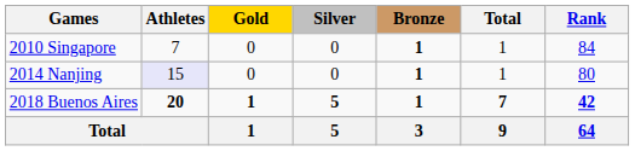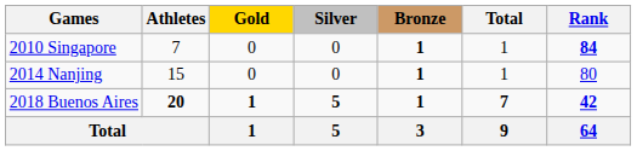 <table class="wikitable" style="text-align:center; font-size:90%;">
 <tr>
 <th>Games</th>
 <th>Athletes</th>
 <td style="background:gold; width:4.5em; font-weight:bold;">Gold</td>
 <td style="background:silver; width:4.5em; font-weight:bold;">Silver</td>
 <td style="background:#cc9966; width:4.5em; font-weight:bold;">Bronze</td>
 <th style="width:4.5em; font-weight:bold;">Total</th>
 <th style="width:4.5em; font-weight:bold;"><a href='#'>Rank</a></th>
 </tr>
 <tr>
 <td align=left> <a href='#'>2010 Singapore</a></td>
 <td>7</td>
 <td>0</td>
 <td>0</td>
 <td><strong>1</strong></td>
 <td>1</td>
-<td><a href='#'>84</a></td>
+<td><strong><a href='#'>84</a></strong></td>
 </tr>
 <tr>
 <td align=left> <a href='#'>2014 Nanjing</a></td>
-<td style="background: lavender;">15</td>
+<td>15</td>
 <td>0</td>
 <td>0</td>
 <td><strong>1</strong></td>
 <td>1</td>
 <td><a href='#'>80</a></td>
 </tr>
 <tr>
 <td align=left> <a href='#'>2018 Buenos Aires</a></td>
 <td><strong>20</strong></td>
 <td><strong>1</strong></td>
 <td><strong>5</strong></td>
 <td><strong>1</strong></td>
 <td><strong>7</strong></td>
 <td><a href='#'><strong>42</strong></a></td>
 </tr>
 <tr>
 <th colspan=2>Total</th>
 <th>1</th>
 <th>5</th>
 <th>3</th>
 <th>9</th>
 <th><a href='#'>64</a></th>
 </tr>
 </table>
